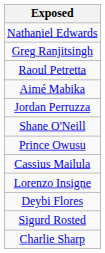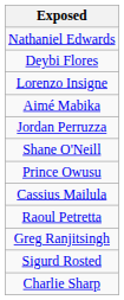 <table class="wikitable" style="text-align:center">
 <tr>
 <th>Exposed</th>
 </tr>
 <tr>
 <td><a href='#'>Nathaniel Edwards</a></td>
 </tr>
 <tr>
-<td><a href='#'>Greg Ranjitsingh</a></td>
+<td><a href='#'>Deybi Flores</a></td>
 </tr>
 <tr>
-<td><a href='#'>Raoul Petretta</a></td>
+<td><a href='#'>Lorenzo Insigne</a></td>
 </tr>
 <tr>
 <td><a href='#'>Aimé Mabika</a></td>
 </tr>
 <tr>
 <td><a href='#'>Jordan Perruzza</a></td>
 </tr>
 <tr>
 <td><a href='#'>Shane O'Neill</a></td>
 </tr>
 <tr>
 <td><a href='#'>Prince Owusu</a></td>
 </tr>
 <tr>
 <td><a href='#'>Cassius Mailula</a></td>
 </tr>
 <tr>
-<td><a href='#'>Lorenzo Insigne</a></td>
+<td><a href='#'>Raoul Petretta</a></td>
 </tr>
 <tr>
-<td><a href='#'>Deybi Flores</a></td>
+<td><a href='#'>Greg Ranjitsingh</a></td>
 </tr>
 <tr>
 <td><a href='#'>Sigurd Rosted</a></td>
 </tr>
 <tr>
 <td><a href='#'>Charlie Sharp</a></td>
 </tr>
 </table>
